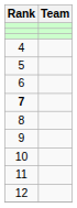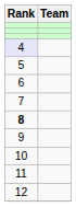 <table class="wikitable">
 <tr>
 <th>Rank</th>
 <th>Team</th>
 </tr>
 <tr bgcolor=#ccffcc>
 <td align=center></td>
 <td></td>
 </tr>
 <tr bgcolor=#ccffcc>
 <td align=center></td>
 <td></td>
 </tr>
 <tr bgcolor=#ccffcc>
 <td align=center></td>
 <td></td>
 </tr>
 <tr>
-<td align=center>4</td>
+<td align=center style="background: lavender;">4</td>
 <td></td>
 </tr>
 <tr>
 <td align=center>5</td>
 <td></td>
 </tr>
 <tr>
 <td align=center>6</td>
 <td></td>
 </tr>
 <tr>
-<td align=center><strong>7</strong></td>
+<td align=center>7</td>
 <td></td>
 </tr>
 <tr>
-<td align=center>8</td>
+<td align=center><strong>8</strong></td>
 <td></td>
 </tr>
 <tr>
 <td align=center>9</td>
 <td></td>
 </tr>
 <tr>
 <td align=center>10</td>
 <td></td>
 </tr>
 <tr>
 <td align=center>11</td>
 <td></td>
 </tr>
 <tr>
 <td align=center>12</td>
 <td></td>
 </tr>
 <tr>
 </tr>
 </table>
